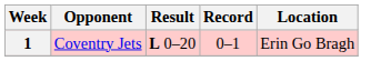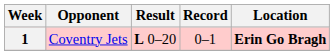 <table class="wikitable" style="text-align:center">
 <tr>
 <th>Week</th>
 <th>Opponent</th>
 <th>Result</th>
 <th>Record</th>
 <th>Location</th>
 </tr>
 <tr style="background:#fcc">
 <th>1</th>
 <td><a href='#'>Coventry Jets</a></td>
 <td><strong>L</strong> 0–20</td>
 <td>0–1</td>
-<td>Erin Go Bragh</td>
+<td><strong>Erin Go Bragh</strong></td>
 </tr>
 <tr style="background:#fcc">
 </tr>
 </table>
